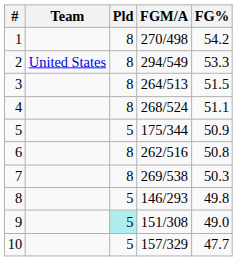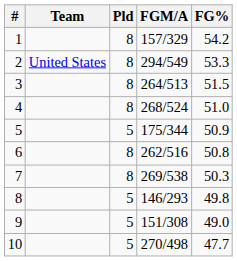 <table class=wikitable style="text-align:right; display:inline-table;">
 <tr>
 <th>#</th>
 <th>Team</th>
 <th>Pld</th>
 <th>FGM/A</th>
 <th>FG%</th>
 </tr>
 <tr>
 <td>1</td>
 <td align=left><strong></strong></td>
 <td>8</td>
-<td>270/498</td>
+<td>157/329</td>
 <td>54.2</td>
 </tr>
 <tr>
 <td>2</td>
 <td align=left> <a href='#'>United States</a></td>
 <td>8</td>
 <td>294/549</td>
 <td>53.3</td>
 </tr>
 <tr>
 <td>3</td>
 <td align=left></td>
 <td>8</td>
 <td>264/513</td>
 <td>51.5</td>
 </tr>
 <tr>
 <td>4</td>
 <td align=left></td>
 <td>8</td>
 <td>268/524</td>
-<td>51.1</td>
+<td>51.0</td>
 </tr>
 <tr>
 <td>5</td>
 <td align=left></td>
 <td>5</td>
 <td>175/344</td>
 <td>50.9</td>
 </tr>
 <tr>
 <td>6</td>
 <td align=left></td>
 <td>8</td>
 <td>262/516</td>
 <td>50.8</td>
 </tr>
 <tr>
 <td>7</td>
 <td align=left></td>
 <td>8</td>
 <td>269/538</td>
 <td>50.3</td>
 </tr>
 <tr>
 <td>8</td>
 <td align=left></td>
 <td>5</td>
 <td>146/293</td>
 <td>49.8</td>
 </tr>
 <tr>
 <td>9</td>
 <td align=left></td>
-<td style="background: paleturquoise;">5</td>
+<td>5</td>
 <td>151/308</td>
 <td>49.0</td>
 </tr>
 <tr>
 <td>10</td>
 <td align=left></td>
 <td>5</td>
-<td>157/329</td>
+<td>270/498</td>
 <td>47.7</td>
 </tr>
 </table>
